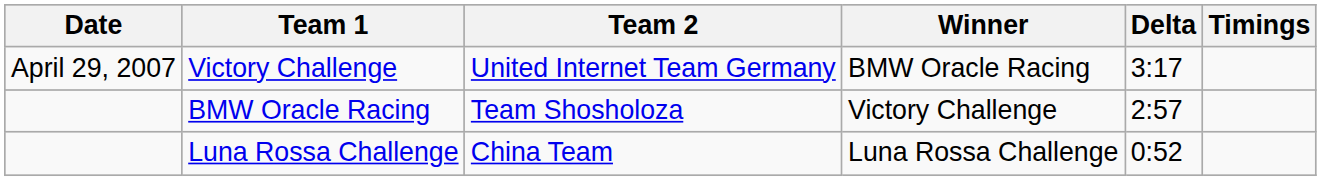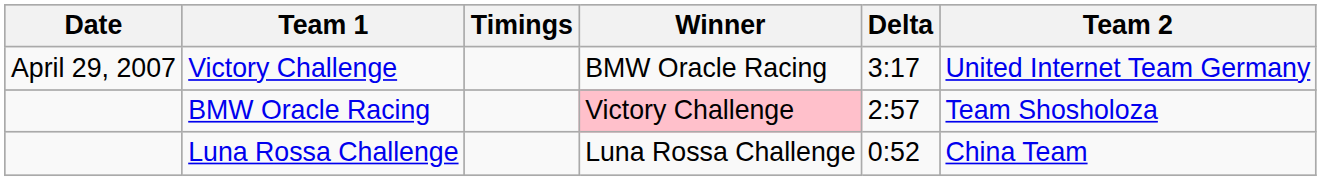 <table class="wikitable">
 <tr>
 <th>Date</th>
 <th>Team 1 </th>
-<th>Team 2 </th>
+<th>Timings</th>
 <th>Winner</th>
 <th>Delta</th>
-<th>Timings</th>
+<th>Team 2 </th>
 </tr>
 <tr>
 <td>April 29, 2007</td>
 <td><a href='#'>Victory Challenge</a></td>
-<td><a href='#'>United Internet Team Germany</a></td>
+<td></td>
 <td>BMW Oracle Racing</td>
 <td>3:17</td>
-<td></td>
+<td><a href='#'>United Internet Team Germany</a></td>
 </tr>
 <tr>
 <td></td>
 <td><a href='#'>BMW Oracle Racing</a></td>
+<td></td>
+<td style="background: pink;">Victory Challenge</td>
+<td>2:57</td>
 <td><a href='#'>Team Shosholoza</a></td>
-<td>Victory Challenge</td>
-<td>2:57</td>
-<td></td>
 </tr>
 <tr>
 <td></td>
 <td><a href='#'>Luna Rossa Challenge</a></td>
-<td><a href='#'>China Team</a></td>
+<td></td>
 <td>Luna Rossa Challenge</td>
 <td>0:52</td>
-<td></td>
+<td><a href='#'>China Team</a></td>
 </tr>
 </table>
